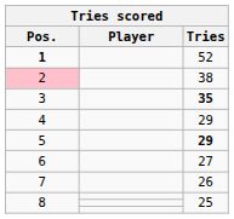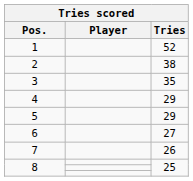 <table class="wikitable" style="text-align:center">
 <tr bgcolor="#efefef">
 <th colspan=4 style="border-right:0px;";>Tries scored<br></th>
 </tr>
 <tr bgcolor="#efefef">
 <th>Pos.</th>
 <th>Player</th>
 <th width=20%>Tries</th>
 </tr>
 <tr>
-<td><strong>1</strong></td>
+<td>1</td>
 <td align=left></td>
 <td>52</td>
 </tr>
 <tr>
-<td style="background: pink;">2</td>
+<td>2</td>
 <td align=left></td>
 <td>38</td>
 </tr>
 <tr>
 <td>3</td>
 <td align=left></td>
-<td><strong>35</strong></td>
+<td>35</td>
 </tr>
 <tr>
 <td>4</td>
 <td align=left></td>
 <td>29</td>
 </tr>
 <tr>
 <td>5</td>
 <td align=left></td>
-<td><strong>29</strong></td>
+<td>29</td>
 </tr>
 <tr>
 <td>6</td>
 <td align=left></td>
 <td>27</td>
 </tr>
 <tr>
 <td>7</td>
 <td align=left></td>
 <td>26</td>
 </tr>
 <tr>
 <td rowspan=3>8</td>
 <td align=left></td>
 <td rowspan=3>25</td>
 </tr>
 <tr>
 <td align=left></td>
 </tr>
 <tr>
 <td align=left></td>
 </tr>
 </table>
